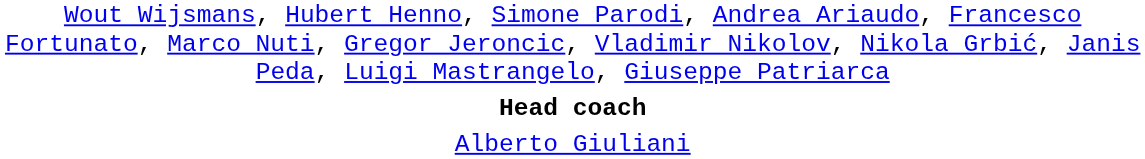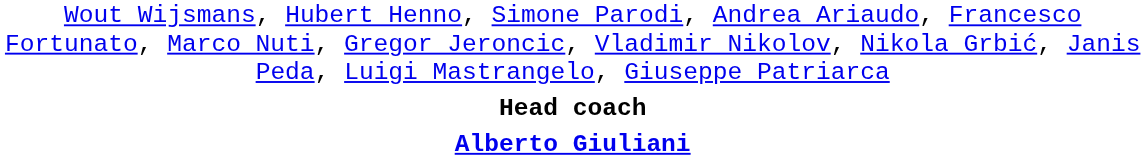 <table style="text-align: center; margin-top: 2em; margin-left: auto; margin-right: auto">
 <tr>
 <td><a href='#'>Wout Wijsmans</a>, <a href='#'>Hubert Henno</a>, <a href='#'>Simone Parodi</a>, <a href='#'>Andrea Ariaudo</a>, <a href='#'>Francesco Fortunato</a>, <a href='#'>Marco Nuti</a>, <a href='#'>Gregor Jeroncic</a>, <a href='#'>Vladimir Nikolov</a>, <a href='#'>Nikola Grbić</a>, <a href='#'>Janis Peda</a>, <a href='#'>Luigi Mastrangelo</a>, <a href='#'>Giuseppe Patriarca</a></td>
 </tr>
 <tr>
 <td><strong>Head coach</strong></td>
 </tr>
 <tr>
-<td><a href='#'>Alberto Giuliani</a></td>
+<td><strong><a href='#'>Alberto Giuliani</a></strong></td>
 </tr>
 </table>
